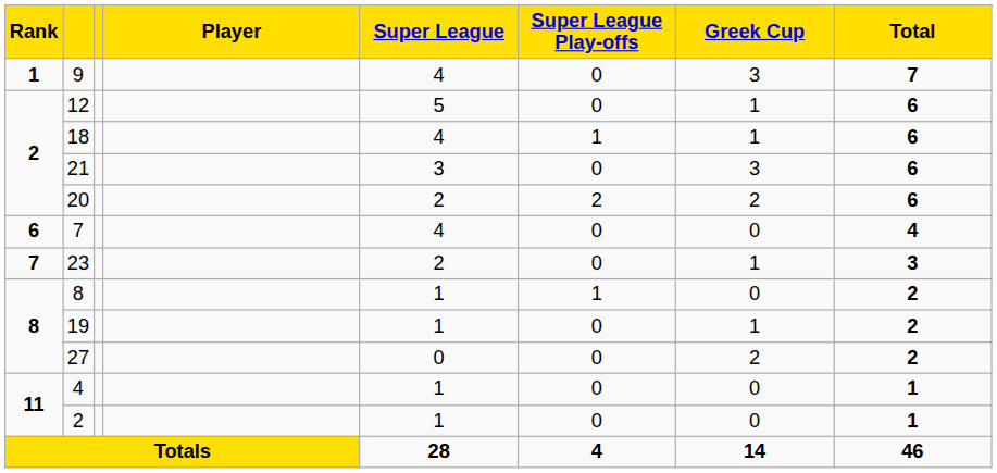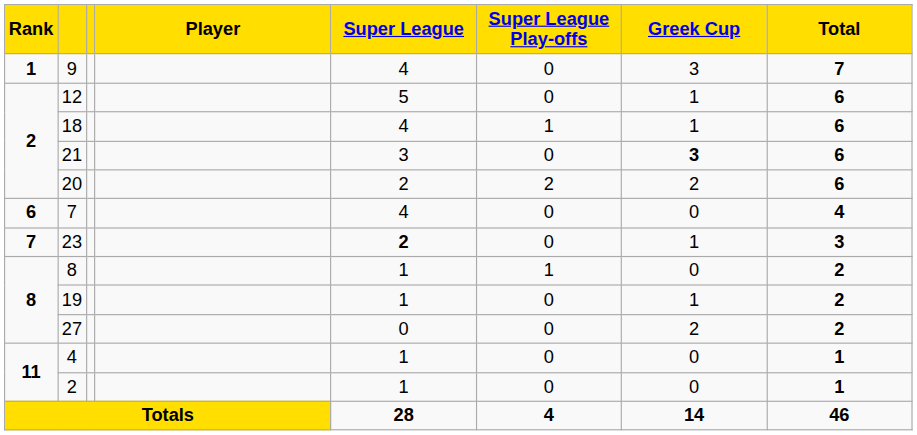 <table class="wikitable sortable" style="text-align:center">
 <tr>
 <th style="background:#FFDE00">Rank</th>
 <th style="background:#FFDE00"></th>
 <th style="background:#FFDE00"></th>
 <th width=200 style="background:#FFDE00">Player</th>
 <th width=120 style="background:#FFDE00"><a href='#'>Super League</a></th>
 <th width=120 style="background:#FFDE00"><a href='#'>Super League Play-offs</a></th>
 <th width=120 style="background:#FFDE00"><a href='#'>Greek Cup</a></th>
 <th width=120 style="background:#FFDE00">Total</th>
 </tr>
 <tr>
 <td><strong>1</strong></td>
 <td>9</td>
 <td></td>
 <td align=left></td>
 <td>4</td>
 <td>0</td>
 <td>3</td>
 <td><strong>7</strong></td>
 </tr>
 <tr>
 <td rowspan=4><strong>2</strong></td>
 <td>12</td>
 <td></td>
 <td align=left></td>
 <td>5</td>
 <td>0</td>
 <td>1</td>
 <td><strong>6</strong></td>
 </tr>
 <tr>
 <td>18</td>
 <td></td>
 <td align=left></td>
 <td>4</td>
 <td>1</td>
 <td>1</td>
 <td><strong>6</strong></td>
 </tr>
 <tr>
 <td>21</td>
 <td></td>
 <td align=left></td>
 <td>3</td>
 <td>0</td>
-<td>3</td>
+<td><strong>3</strong></td>
 <td><strong>6</strong></td>
 </tr>
 <tr>
 <td>20</td>
 <td></td>
 <td align=left></td>
 <td>2</td>
 <td>2</td>
 <td>2</td>
 <td><strong>6</strong></td>
 </tr>
 <tr>
 <td><strong>6</strong></td>
 <td>7</td>
 <td></td>
 <td align=left></td>
 <td>4</td>
 <td>0</td>
 <td>0</td>
 <td><strong>4</strong></td>
 </tr>
 <tr>
 <td><strong>7</strong></td>
 <td>23</td>
 <td></td>
 <td align=left></td>
-<td>2</td>
+<td><strong>2</strong></td>
 <td>0</td>
 <td>1</td>
 <td><strong>3</strong></td>
 </tr>
 <tr>
 <td rowspan=3><strong>8</strong></td>
 <td>8</td>
 <td></td>
 <td align=left></td>
 <td>1</td>
 <td>1</td>
 <td>0</td>
 <td><strong>2</strong></td>
 </tr>
 <tr>
 <td>19</td>
 <td></td>
 <td align=left></td>
 <td>1</td>
 <td>0</td>
 <td>1</td>
 <td><strong>2</strong></td>
 </tr>
 <tr>
 <td>27</td>
 <td></td>
 <td align=left></td>
 <td>0</td>
 <td>0</td>
 <td>2</td>
 <td><strong>2</strong></td>
 </tr>
 <tr>
 <td rowspan=2><strong>11</strong></td>
 <td>4</td>
 <td></td>
 <td align=left></td>
 <td>1</td>
 <td>0</td>
 <td>0</td>
 <td><strong>1</strong></td>
 </tr>
 <tr>
 <td>2</td>
 <td></td>
 <td align=left></td>
 <td>1</td>
 <td>0</td>
 <td>0</td>
 <td><strong>1</strong></td>
 </tr>
 <tr class="sortbottom">
 <th colspan=4 style="background:#FFDE00"><strong>Totals</strong></th>
 <td><strong>28</strong></td>
 <td><strong> 4</strong></td>
 <td><strong>14</strong></td>
 <td><strong>46</strong></td>
 </tr>
 </table>
